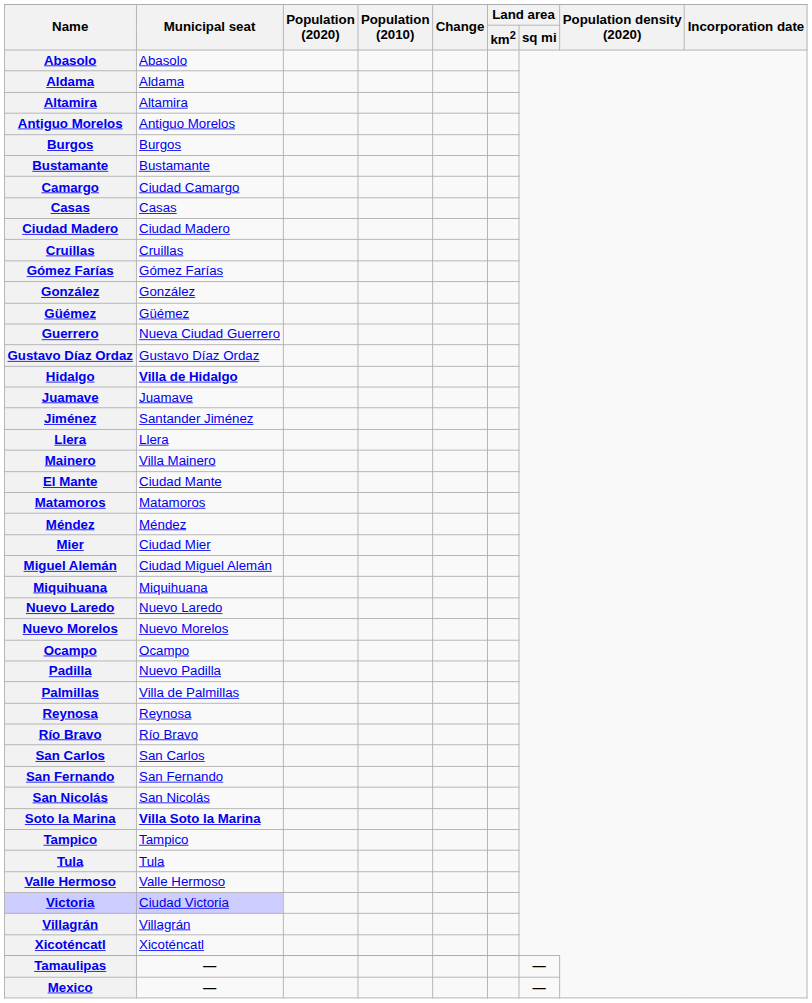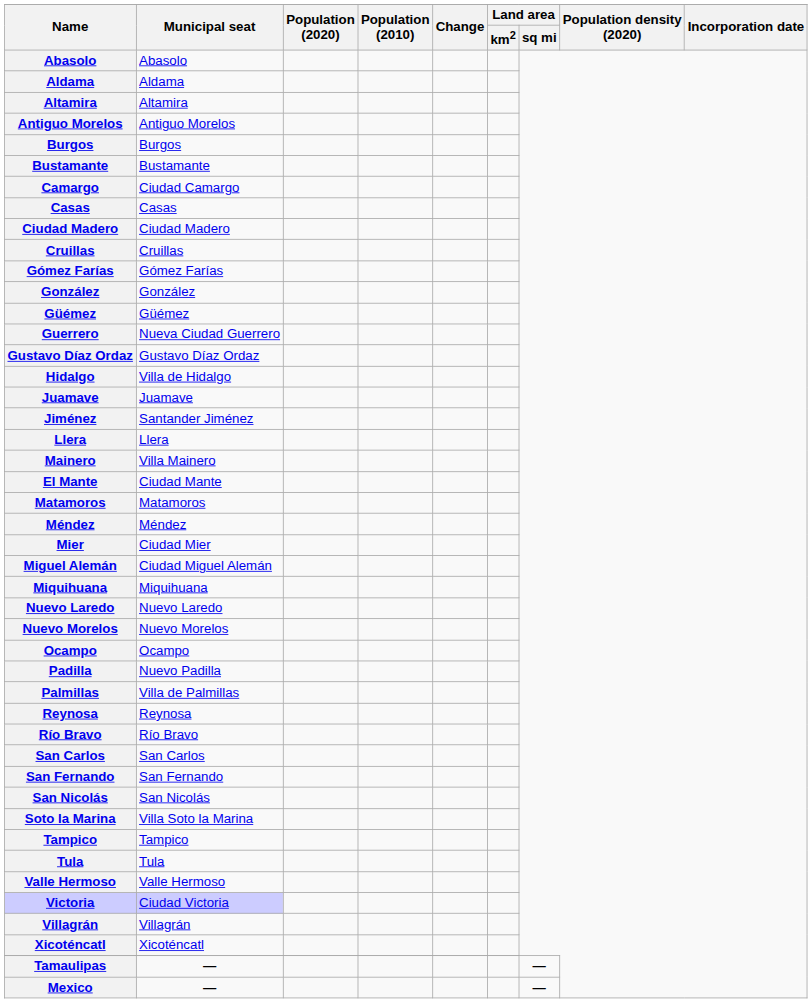 <table class="wikitable sortable" style="text-align:right;">
 <tr>
 </tr>
 <tr>
 <th scope="col"  rowspan=2>Name</th>
 <th scope="col"  rowspan=2>Municipal seat</th>
 <th scope="col"  rowspan=2>Population<br>(2020)</th>
 <th scope="col"  rowspan=2>Population<br>(2010)</th>
 <th scope="col"  rowspan=2>Change</th>
 <th scope="col" data-sort-type="number"  colspan=2>Land area</th>
 <th scope="col" data-sort-type="number"  rowspan=2>Population density<br>(2020)</th>
 <th scope="col"  rowspan=2>Incorporation date</th>
 </tr>
 <tr>
 <th scope="col">km<sup>2</sup></th>
 <th scope="col">sq mi</th>
 </tr>
 <tr>
 <th scope="row" align="left"><a href='#'>Abasolo</a></th>
 <td align=left><a href='#'>Abasolo</a></td>
 <td></td>
 <td></td>
 <td></td>
 <td></td>
 </tr>
 <tr>
 <th scope="row" align="left"><a href='#'>Aldama</a></th>
 <td align=left><a href='#'>Aldama</a></td>
 <td></td>
 <td></td>
 <td></td>
 <td></td>
 </tr>
 <tr>
 <th scope="row" align="left"><a href='#'>Altamira</a></th>
 <td align=left><a href='#'>Altamira</a></td>
 <td></td>
 <td></td>
 <td></td>
 <td></td>
 </tr>
 <tr>
 <th scope="row" align="left"><a href='#'>Antiguo Morelos</a></th>
 <td align=left><a href='#'>Antiguo Morelos</a></td>
 <td></td>
 <td></td>
 <td></td>
 <td></td>
 </tr>
 <tr>
 <th scope="row" align="left"><a href='#'>Burgos</a></th>
 <td align=left><a href='#'>Burgos</a></td>
 <td></td>
 <td></td>
 <td></td>
 <td></td>
 </tr>
 <tr>
 <th scope="row" align="left"><a href='#'>Bustamante</a></th>
 <td align=left><a href='#'>Bustamante</a></td>
 <td></td>
 <td></td>
 <td></td>
 <td></td>
 </tr>
 <tr>
 <th scope="row" align="left"><a href='#'>Camargo</a></th>
 <td align=left><a href='#'>Ciudad Camargo</a></td>
 <td></td>
 <td></td>
 <td></td>
 <td></td>
 </tr>
 <tr>
 <th scope="row" align="left"><a href='#'>Casas</a></th>
 <td align=left><a href='#'>Casas</a></td>
 <td></td>
 <td></td>
 <td></td>
 <td></td>
 </tr>
 <tr>
 <th scope="row" align="left"><a href='#'>Ciudad Madero</a></th>
 <td align=left><a href='#'>Ciudad Madero</a></td>
 <td></td>
 <td></td>
 <td></td>
 <td></td>
 </tr>
 <tr>
 <th scope="row" align="left"><a href='#'>Cruillas</a></th>
 <td align=left><a href='#'>Cruillas</a></td>
 <td></td>
 <td></td>
 <td></td>
 <td></td>
 </tr>
 <tr>
 <th scope="row" align="left"><a href='#'>Gómez Farías</a></th>
 <td align=left><a href='#'>Gómez Farías</a></td>
 <td></td>
 <td></td>
 <td></td>
 <td></td>
 </tr>
 <tr>
 <th scope="row" align="left"><a href='#'>González</a></th>
 <td align=left><a href='#'>González</a></td>
 <td></td>
 <td></td>
 <td></td>
 <td></td>
 </tr>
 <tr>
 <th scope="row" align="left"><a href='#'>Güémez</a></th>
 <td align=left><a href='#'>Güémez</a></td>
 <td></td>
 <td></td>
 <td></td>
 <td></td>
 </tr>
 <tr>
 <th scope="row" align="left"><a href='#'>Guerrero</a></th>
 <td align=left><a href='#'>Nueva Ciudad Guerrero</a></td>
 <td></td>
 <td></td>
 <td></td>
 <td></td>
 </tr>
 <tr>
 <th scope="row" align="left"><a href='#'>Gustavo Díaz Ordaz</a></th>
 <td align=left><a href='#'>Gustavo Díaz Ordaz</a></td>
 <td></td>
 <td></td>
 <td></td>
 <td></td>
 </tr>
 <tr>
 <th scope="row" align="left"><a href='#'>Hidalgo</a></th>
-<td align=left><strong><a href='#'>Villa de Hidalgo</a></strong></td>
+<td align=left><a href='#'>Villa de Hidalgo</a></td>
 <td></td>
 <td></td>
 <td></td>
 <td></td>
 </tr>
 <tr>
 <th scope="row" align="left"><a href='#'>Juamave</a></th>
 <td align=left><a href='#'>Juamave</a></td>
 <td></td>
 <td></td>
 <td></td>
 <td></td>
 </tr>
 <tr>
 <th scope="row" align="left"><a href='#'>Jiménez</a></th>
 <td align=left><a href='#'>Santander Jiménez</a></td>
 <td></td>
 <td></td>
 <td></td>
 <td></td>
 </tr>
 <tr>
 <th scope="row" align="left"><a href='#'>Llera</a></th>
 <td align=left><a href='#'>Llera</a></td>
 <td></td>
 <td></td>
 <td></td>
 <td></td>
 </tr>
 <tr>
 <th scope="row" align="left"><a href='#'>Mainero</a></th>
 <td align=left><a href='#'>Villa Mainero</a></td>
 <td></td>
 <td></td>
 <td></td>
 <td></td>
 </tr>
 <tr>
 <th scope="row" align="left"><a href='#'>El Mante</a> </th>
 <td align=left><a href='#'>Ciudad Mante</a></td>
 <td></td>
 <td></td>
 <td></td>
 <td></td>
 </tr>
 <tr>
 <th scope="row" align="left"><a href='#'>Matamoros</a></th>
 <td align=left><a href='#'>Matamoros</a></td>
 <td></td>
 <td></td>
 <td></td>
 <td></td>
 </tr>
 <tr>
 <th scope="row" align="left"><a href='#'>Méndez</a></th>
 <td align=left><a href='#'>Méndez</a></td>
 <td></td>
 <td></td>
 <td></td>
 <td></td>
 </tr>
 <tr>
 <th scope="row" align="left"><a href='#'>Mier</a></th>
 <td align=left><a href='#'>Ciudad Mier</a></td>
 <td></td>
 <td></td>
 <td></td>
 <td></td>
 </tr>
 <tr>
 <th scope="row" align="left"><a href='#'>Miguel Alemán</a></th>
 <td align=left><a href='#'>Ciudad Miguel Alemán</a></td>
 <td></td>
 <td></td>
 <td></td>
 <td></td>
 </tr>
 <tr>
 <th scope="row" align="left"><a href='#'>Miquihuana</a></th>
 <td align=left><a href='#'>Miquihuana</a></td>
 <td></td>
 <td></td>
 <td></td>
 <td></td>
 </tr>
 <tr>
 <th scope="row" align="left"><a href='#'>Nuevo Laredo</a> </th>
 <td align=left><a href='#'>Nuevo Laredo</a></td>
 <td></td>
 <td></td>
 <td></td>
 <td></td>
 </tr>
 <tr>
 <th scope="row" align="left"><a href='#'>Nuevo Morelos</a></th>
 <td align=left><a href='#'>Nuevo Morelos</a></td>
 <td></td>
 <td></td>
 <td></td>
 <td></td>
 </tr>
 <tr>
 <th scope="row" align="left"><a href='#'>Ocampo</a> </th>
 <td align=left><a href='#'>Ocampo</a></td>
 <td></td>
 <td></td>
 <td></td>
 <td></td>
 </tr>
 <tr>
 <th scope="row" align="left"><a href='#'>Padilla</a></th>
 <td align=left><a href='#'>Nuevo Padilla</a></td>
 <td></td>
 <td></td>
 <td></td>
 <td></td>
 </tr>
 <tr>
 <th scope="row" align="left"><a href='#'>Palmillas</a></th>
 <td align=left><a href='#'>Villa de Palmillas</a></td>
 <td></td>
 <td></td>
 <td></td>
 <td></td>
 </tr>
 <tr>
 <th scope="row" align="left"><a href='#'>Reynosa</a></th>
 <td align=left><a href='#'>Reynosa</a></td>
 <td></td>
 <td></td>
 <td></td>
 <td></td>
 </tr>
 <tr>
 <th scope="row" align="left"><a href='#'>Río Bravo</a></th>
 <td align=left><a href='#'>Río Bravo</a></td>
 <td></td>
 <td></td>
 <td></td>
 <td></td>
 </tr>
 <tr>
 <th scope="row" align="left"><a href='#'>San Carlos</a></th>
 <td align=left><a href='#'>San Carlos</a></td>
 <td></td>
 <td></td>
 <td></td>
 <td></td>
 </tr>
 <tr>
 <th scope="row" align="left"><a href='#'>San Fernando</a></th>
 <td align=left><a href='#'>San Fernando</a></td>
 <td></td>
 <td></td>
 <td></td>
 <td></td>
 </tr>
 <tr>
 <th scope="row" align="left"><a href='#'>San Nicolás</a></th>
 <td align=left><a href='#'>San Nicolás</a></td>
 <td></td>
 <td></td>
 <td></td>
 <td></td>
 </tr>
 <tr>
 <th scope="row" align="left"><a href='#'>Soto la Marina</a></th>
-<td align=left><strong><a href='#'>Villa Soto la Marina</a></strong></td>
+<td align=left><a href='#'>Villa Soto la Marina</a></td>
 <td></td>
 <td></td>
 <td></td>
 <td></td>
 </tr>
 <tr>
 <th scope="row" align="left"><a href='#'>Tampico</a></th>
 <td align=left><a href='#'>Tampico</a></td>
 <td></td>
 <td></td>
 <td></td>
 <td></td>
 </tr>
 <tr>
 <th scope="row" align="left"><a href='#'>Tula</a></th>
 <td align=left><a href='#'>Tula</a></td>
 <td></td>
 <td></td>
 <td></td>
 <td></td>
 </tr>
 <tr>
 <th scope="row" align="left"><a href='#'>Valle Hermoso</a></th>
 <td align=left><a href='#'>Valle Hermoso</a></td>
 <td></td>
 <td></td>
 <td></td>
 <td></td>
 </tr>
 <tr>
 <th scope="row" align="left" style="background:#CCF;"><a href='#'>Victoria</a></th>
 <td align=left style="background:#CCF;"><a href='#'>Ciudad Victoria</a></td>
 <td></td>
 <td></td>
 <td></td>
 <td></td>
 </tr>
 <tr>
 <th scope="row" align="left"><a href='#'>Villagrán</a></th>
 <td align=left><a href='#'>Villagrán</a></td>
 <td></td>
 <td></td>
 <td></td>
 <td></td>
 </tr>
 <tr>
 <th scope="row" align="left"><a href='#'>Xicoténcatl</a></th>
 <td align=left><a href='#'>Xicoténcatl</a></td>
 <td></td>
 <td></td>
 <td></td>
 <td></td>
 </tr>
 <tr>
 </tr>
 <tr class="sortbottom" style="text-align:center;" style="background: #f2f2f2;">
 <th scope="row" align="left"><strong><a href='#'>Tamaulipas</a></strong></th>
 <td><strong>—</strong></td>
 <td></td>
 <td><strong></strong></td>
 <td><strong></strong></td>
 <td align="right"><strong></strong></td>
 <td><strong>—</strong></td>
 </tr>
 <tr class="sortbottom" style="text-align:center;" style="background: #f2f2f2;">
 <th scope="row" align="left"><strong><a href='#'>Mexico</a></strong></th>
 <td><strong>—</strong></td>
 <td></td>
 <td><strong></strong></td>
 <td><strong></strong></td>
 <td align="right"><strong></strong></td>
 <td><strong>—</strong></td>
 </tr>
 </table>
